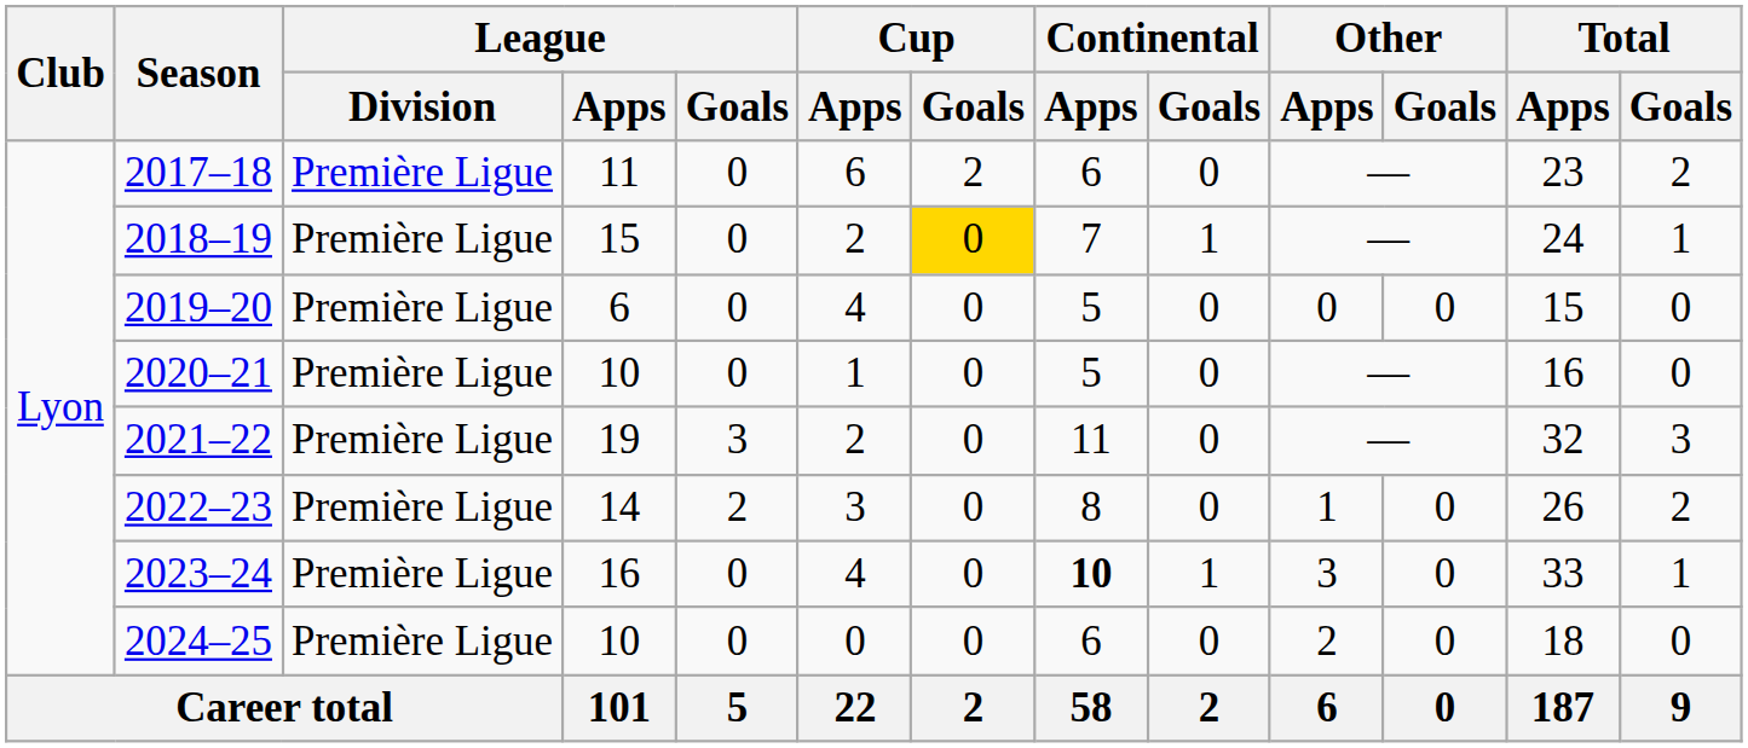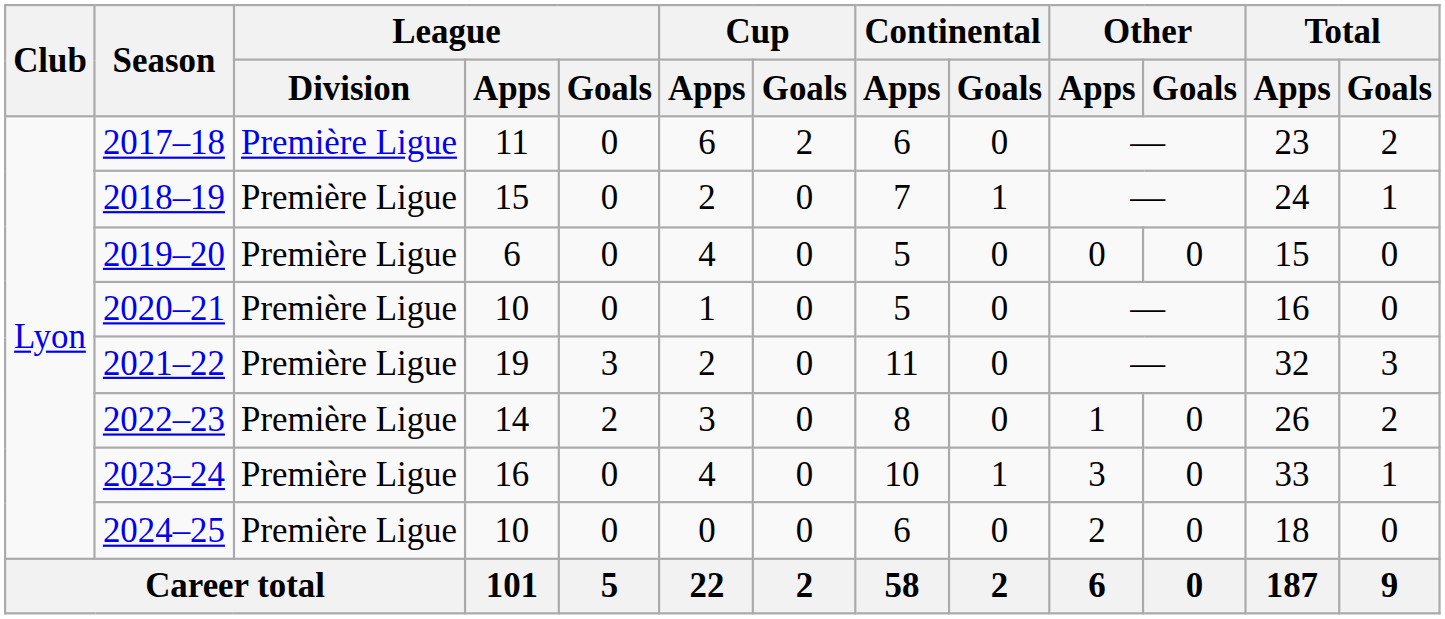 <table class="wikitable" style="text-align: center;">
 <tr>
 <th rowspan="2">Club</th>
 <th rowspan="2">Season</th>
 <th colspan="3">League</th>
 <th colspan="2">Cup</th>
 <th colspan="2">Continental</th>
 <th colspan="2">Other</th>
 <th colspan="2">Total</th>
 </tr>
 <tr>
 <th>Division</th>
 <th>Apps</th>
 <th>Goals</th>
 <th>Apps</th>
 <th>Goals</th>
 <th>Apps</th>
 <th>Goals</th>
 <th>Apps</th>
 <th>Goals</th>
 <th>Apps</th>
 <th>Goals</th>
 </tr>
 <tr>
 <td rowspan="8"><a href='#'>Lyon</a></td>
 <td><a href='#'>2017–18</a></td>
 <td><a href='#'>Première Ligue</a></td>
 <td>11</td>
 <td>0</td>
 <td>6</td>
 <td>2</td>
 <td>6</td>
 <td>0</td>
 <td colspan="2">—</td>
 <td>23</td>
 <td>2</td>
 </tr>
 <tr>
 <td><a href='#'>2018–19</a></td>
 <td>Première Ligue</td>
 <td>15</td>
 <td>0</td>
 <td>2</td>
-<td style="background: gold;">0</td>
+<td>0</td>
 <td>7</td>
 <td>1</td>
 <td colspan="2">—</td>
 <td>24</td>
 <td>1</td>
 </tr>
 <tr>
 <td><a href='#'>2019–20</a></td>
 <td>Première Ligue</td>
 <td>6</td>
 <td>0</td>
 <td>4</td>
 <td>0</td>
 <td>5</td>
 <td>0</td>
 <td>0</td>
 <td>0</td>
 <td>15</td>
 <td>0</td>
 </tr>
 <tr>
 <td><a href='#'>2020–21</a></td>
 <td>Première Ligue</td>
 <td>10</td>
 <td>0</td>
 <td>1</td>
 <td>0</td>
 <td>5</td>
 <td>0</td>
 <td colspan="2">—</td>
 <td>16</td>
 <td>0</td>
 </tr>
 <tr>
 <td><a href='#'>2021–22</a></td>
 <td>Première Ligue</td>
 <td>19</td>
 <td>3</td>
 <td>2</td>
 <td>0</td>
 <td>11</td>
 <td>0</td>
 <td colspan="2">—</td>
 <td>32</td>
 <td>3</td>
 </tr>
 <tr>
 <td><a href='#'>2022–23</a></td>
 <td>Première Ligue</td>
 <td>14</td>
 <td>2</td>
 <td>3</td>
 <td>0</td>
 <td>8</td>
 <td>0</td>
 <td>1</td>
 <td>0</td>
 <td>26</td>
 <td>2</td>
 </tr>
 <tr>
 <td><a href='#'>2023–24</a></td>
 <td>Première Ligue</td>
 <td>16</td>
 <td>0</td>
 <td>4</td>
 <td>0</td>
-<td><strong>10</strong></td>
+<td>10</td>
 <td>1</td>
 <td>3</td>
 <td>0</td>
 <td>33</td>
 <td>1</td>
 </tr>
 <tr>
 <td><a href='#'>2024–25</a></td>
 <td>Première Ligue</td>
 <td>10</td>
 <td>0</td>
 <td>0</td>
 <td>0</td>
 <td>6</td>
 <td>0</td>
 <td>2</td>
 <td>0</td>
 <td>18</td>
 <td>0</td>
 </tr>
 <tr>
 <th colspan="3">Career total</th>
 <th>101</th>
 <th>5</th>
 <th>22</th>
 <th>2</th>
 <th>58</th>
 <th>2</th>
 <th>6</th>
 <th>0</th>
 <th>187</th>
 <th>9</th>
 </tr>
 </table>
